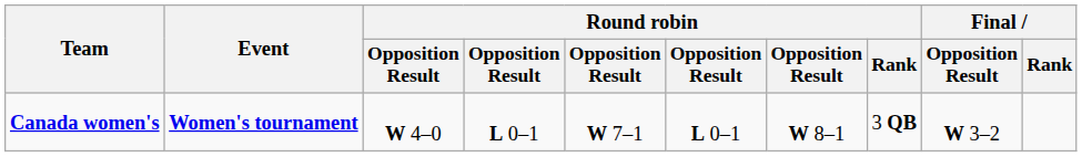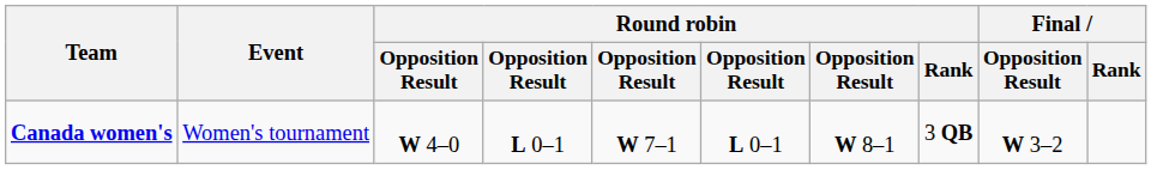 <table class=wikitable style=font-size:90%;text-align:center>
 <tr>
 <th rowspan=2>Team</th>
 <th rowspan=2>Event</th>
 <th colspan=6>Round robin</th>
 <th colspan=2>Final / </th>
 </tr>
 <tr style=font-size:95%>
 <th>Opposition<br>Result</th>
 <th>Opposition<br>Result</th>
 <th>Opposition<br>Result</th>
 <th>Opposition<br>Result</th>
 <th>Opposition<br>Result</th>
 <th>Rank</th>
 <th>Opposition<br>Result</th>
 <th>Rank</th>
 </tr>
 <tr>
 <td align=left><strong><a href='#'>Canada women's</a></strong></td>
-<td align=left><strong><a href='#'>Women's tournament</a></strong></td>
+<td align=left><a href='#'>Women's tournament</a></td>
 <td><br><strong>W</strong> 4–0</td>
 <td><br><strong>L</strong> 0–1</td>
 <td><br><strong>W</strong> 7–1</td>
 <td><br><strong>L</strong> 0–1</td>
 <td><br><strong>W</strong> 8–1</td>
 <td>3 <strong>QB</strong></td>
 <td><br><strong>W</strong> 3–2</td>
 <td></td>
 </tr>
 </table>
